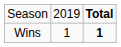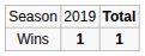 <table class="wikitable sortable">
 <tr>
 <td>Season</td>
 <td>2019</td>
 <td><strong>Total</strong></td>
 </tr>
 <tr align="center">
 <td>Wins</td>
-<td>1</td>
+<td><strong>1</strong></td>
 <td><strong>1</strong></td>
 </tr>
 </table>
